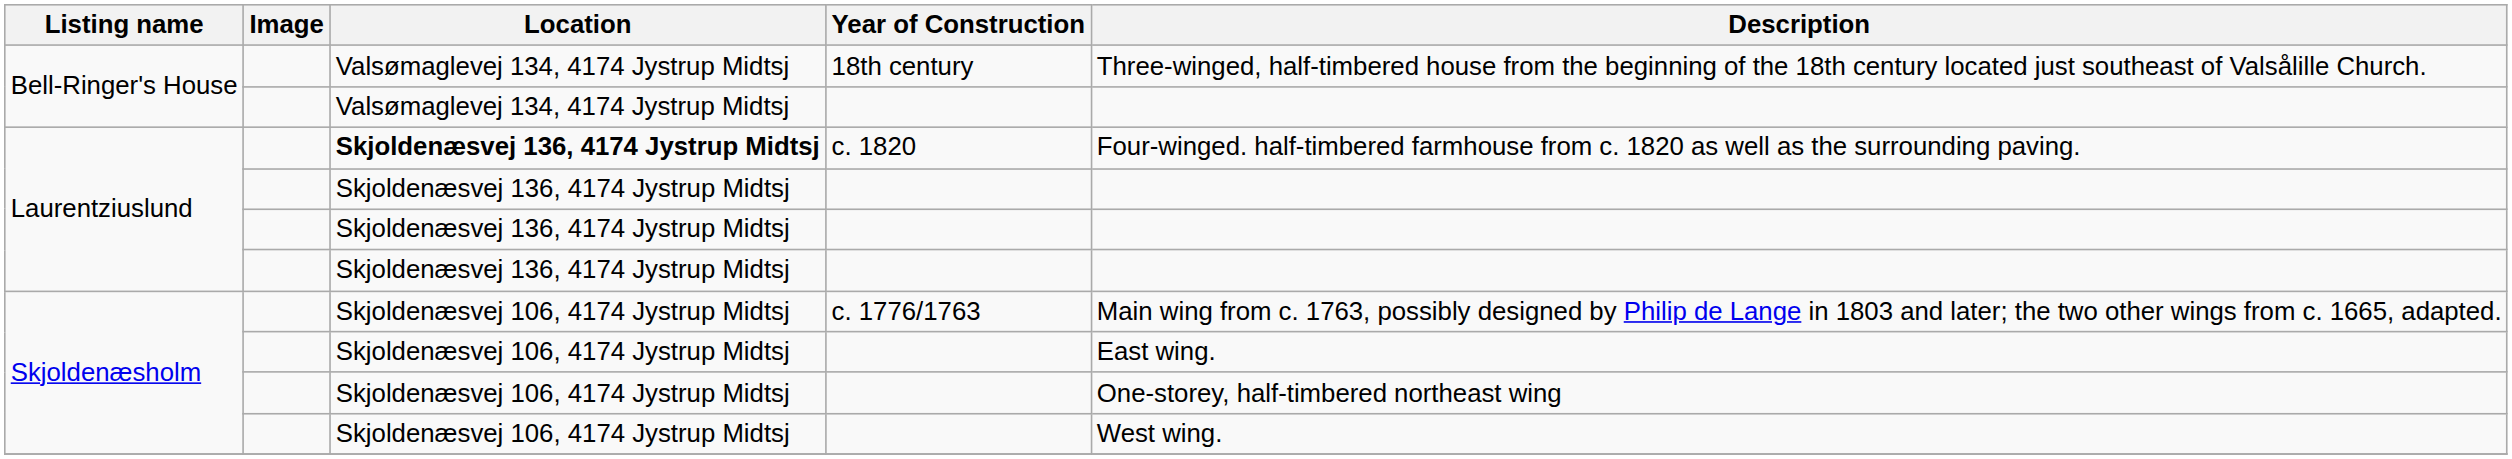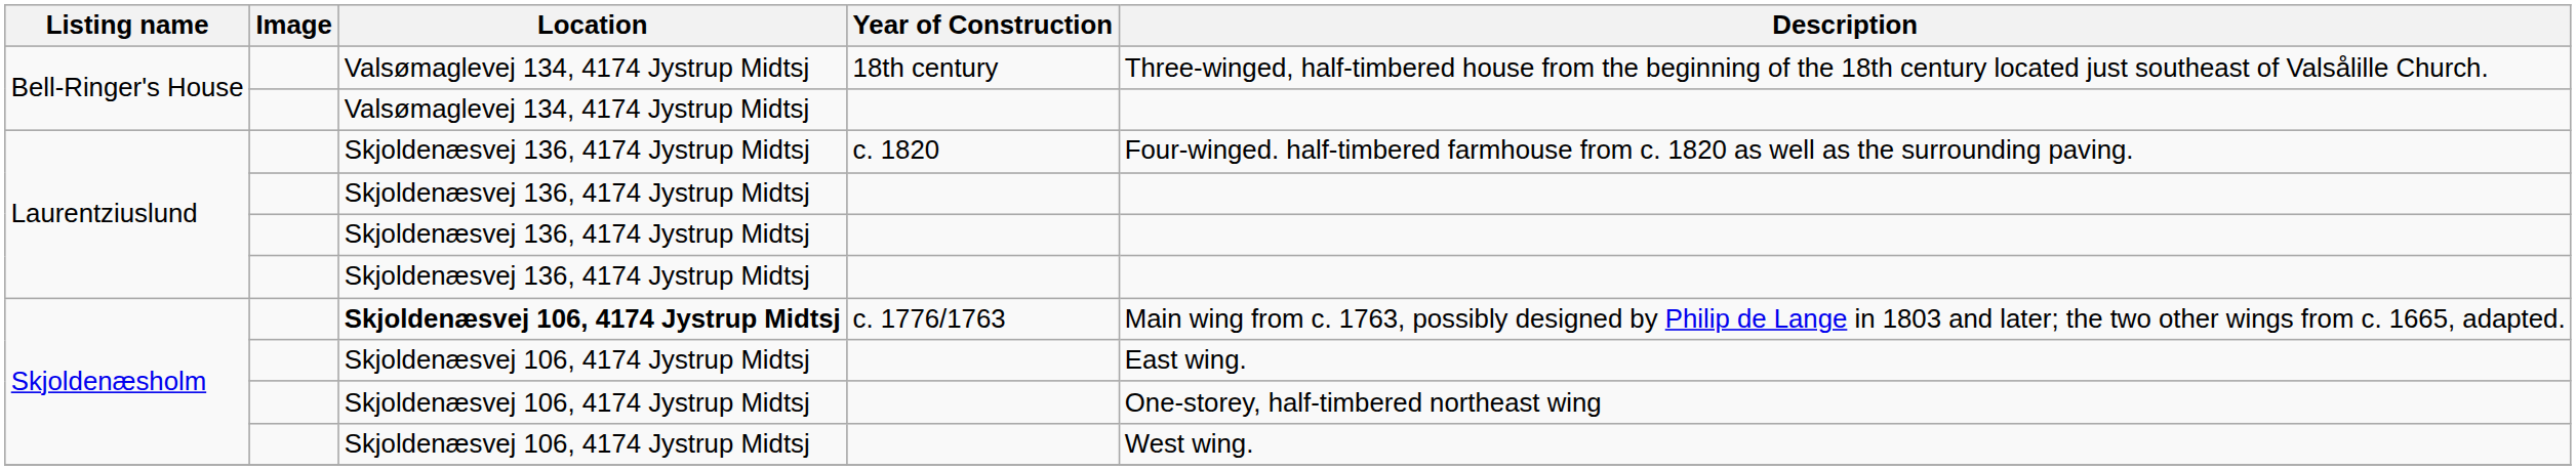 <table class="wikitable sortable">
 <tr>
 <th>Listing name</th>
 <th>Image</th>
 <th>Location</th>
 <th>Year of Construction</th>
 <th>Description</th>
 </tr>
 <tr>
 <td rowspan="2">Bell-Ringer's House</td>
 <td></td>
 <td>Valsømaglevej 134, 4174 Jystrup Midtsj</td>
 <td>18th century</td>
 <td>Three-winged, half-timbered house from the beginning of the 18th century located just southeast of Valsålille Church.</td>
 </tr>
 <tr>
 <td></td>
 <td>Valsømaglevej 134, 4174 Jystrup Midtsj</td>
 <td></td>
 </tr>
 <tr>
 <td rowspan="4">Laurentziuslund</td>
 <td></td>
-<td><strong>Skjoldenæsvej 136, 4174 Jystrup Midtsj</strong></td>
+<td>Skjoldenæsvej 136, 4174 Jystrup Midtsj</td>
 <td>c. 1820</td>
 <td>Four-winged. half-timbered farmhouse from c. 1820 as well as the surrounding paving.</td>
 </tr>
 <tr>
 <td></td>
 <td>Skjoldenæsvej 136, 4174 Jystrup Midtsj</td>
 <td></td>
 <td></td>
 </tr>
 <tr>
 <td></td>
 <td>Skjoldenæsvej 136, 4174 Jystrup Midtsj</td>
 <td></td>
 <td></td>
 </tr>
 <tr>
 <td></td>
 <td>Skjoldenæsvej 136, 4174 Jystrup Midtsj</td>
 <td></td>
 <td></td>
 </tr>
 <tr>
 <td rowspan="4"><a href='#'>Skjoldenæsholm</a></td>
 <td></td>
-<td>Skjoldenæsvej 106, 4174 Jystrup Midtsj</td>
+<td><strong>Skjoldenæsvej 106, 4174 Jystrup Midtsj</strong></td>
 <td>c. 1776/1763</td>
 <td>Main wing from c. 1763, possibly designed by <a href='#'>Philip de Lange</a> in 1803 and later; the two other wings from c. 1665, adapted.</td>
 </tr>
 <tr>
 <td></td>
 <td>Skjoldenæsvej 106, 4174 Jystrup Midtsj</td>
 <td></td>
 <td>East wing.</td>
 </tr>
 <tr>
 <td></td>
 <td>Skjoldenæsvej 106, 4174 Jystrup Midtsj</td>
 <td></td>
 <td>One-storey, half-timbered northeast wing</td>
 </tr>
 <tr>
 <td></td>
 <td>Skjoldenæsvej 106, 4174 Jystrup Midtsj</td>
 <td></td>
 <td>West wing.</td>
 </tr>
 <tr>
 </tr>
 </table>
